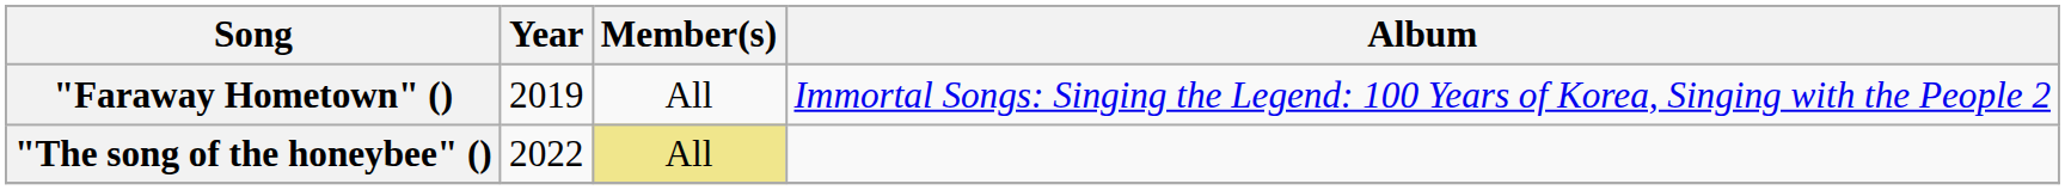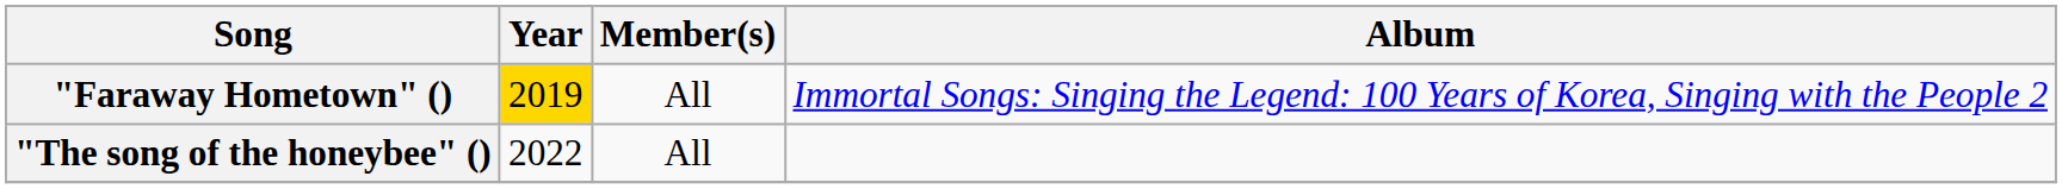 <table class="wikitable plainrowheaders" style="text-align:center;">
 <tr>
 <th>Song</th>
 <th>Year</th>
 <th>Member(s)</th>
 <th>Album</th>
 </tr>
 <tr>
 <th scope="row">"Faraway Hometown" ()</th>
-<td>2019</td>
+<td style="background: gold;">2019</td>
 <td>All</td>
 <td><em><a href='#'>Immortal Songs: Singing the Legend: 100 Years of Korea, Singing with the People 2</a></em></td>
 </tr>
 <tr>
 <th scope="row">"The song of the honeybee" ()</th>
 <td rowspan="1">2022</td>
-<td style="background: khaki;">All</td>
+<td>All</td>
 <td></td>
 </tr>
 <tr>
 </tr>
 </table>
